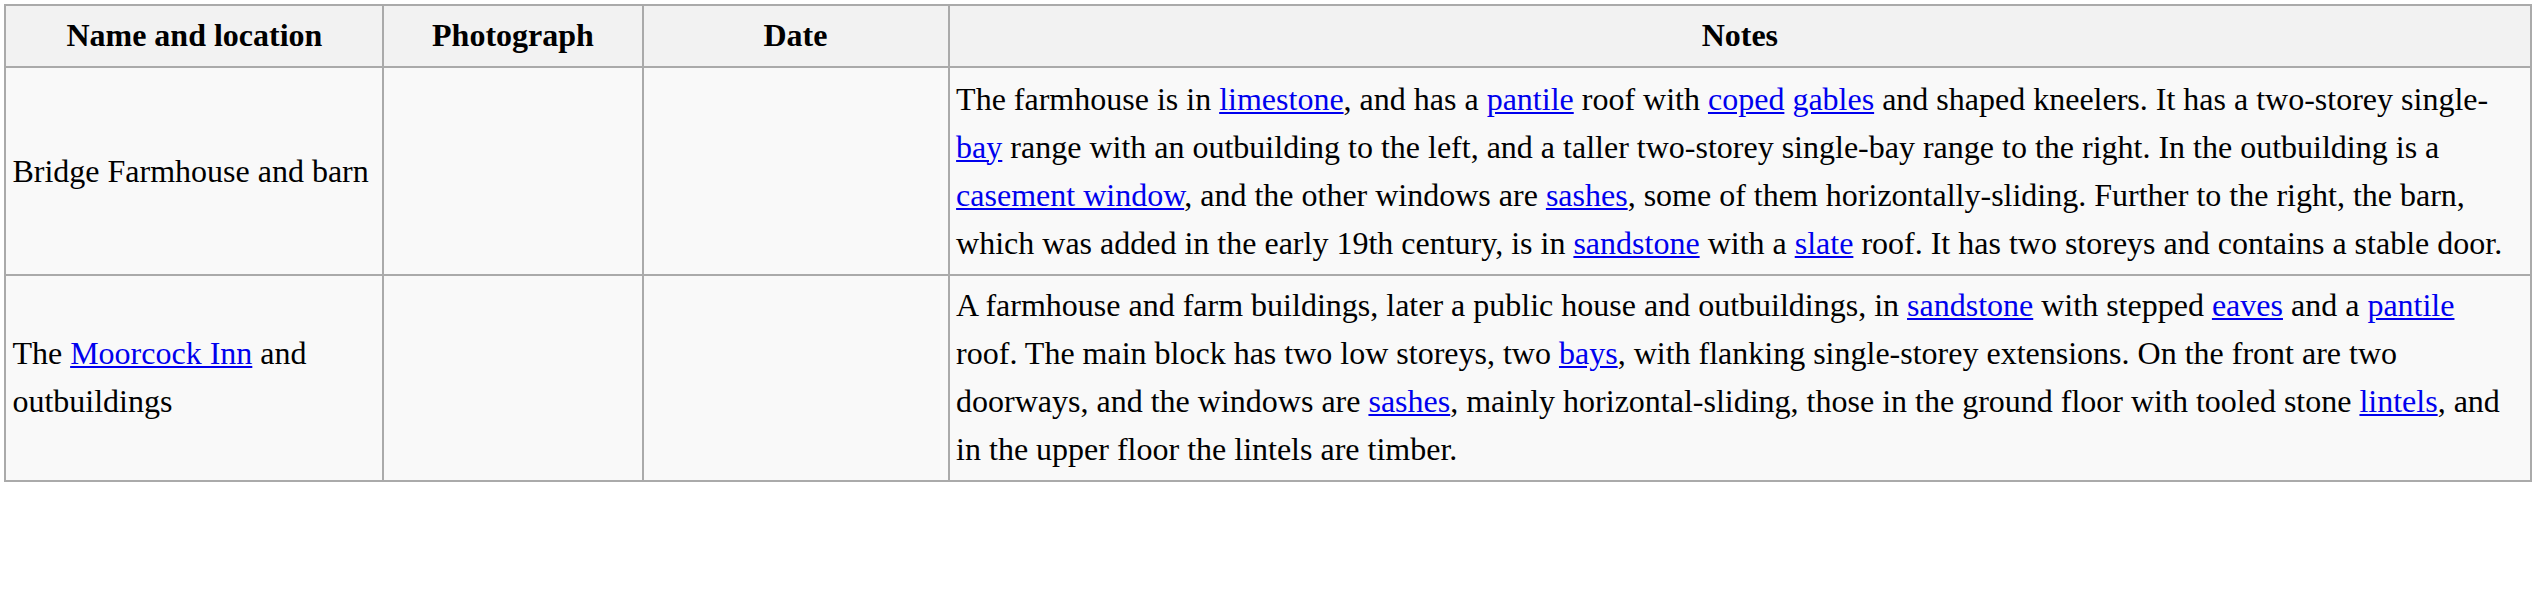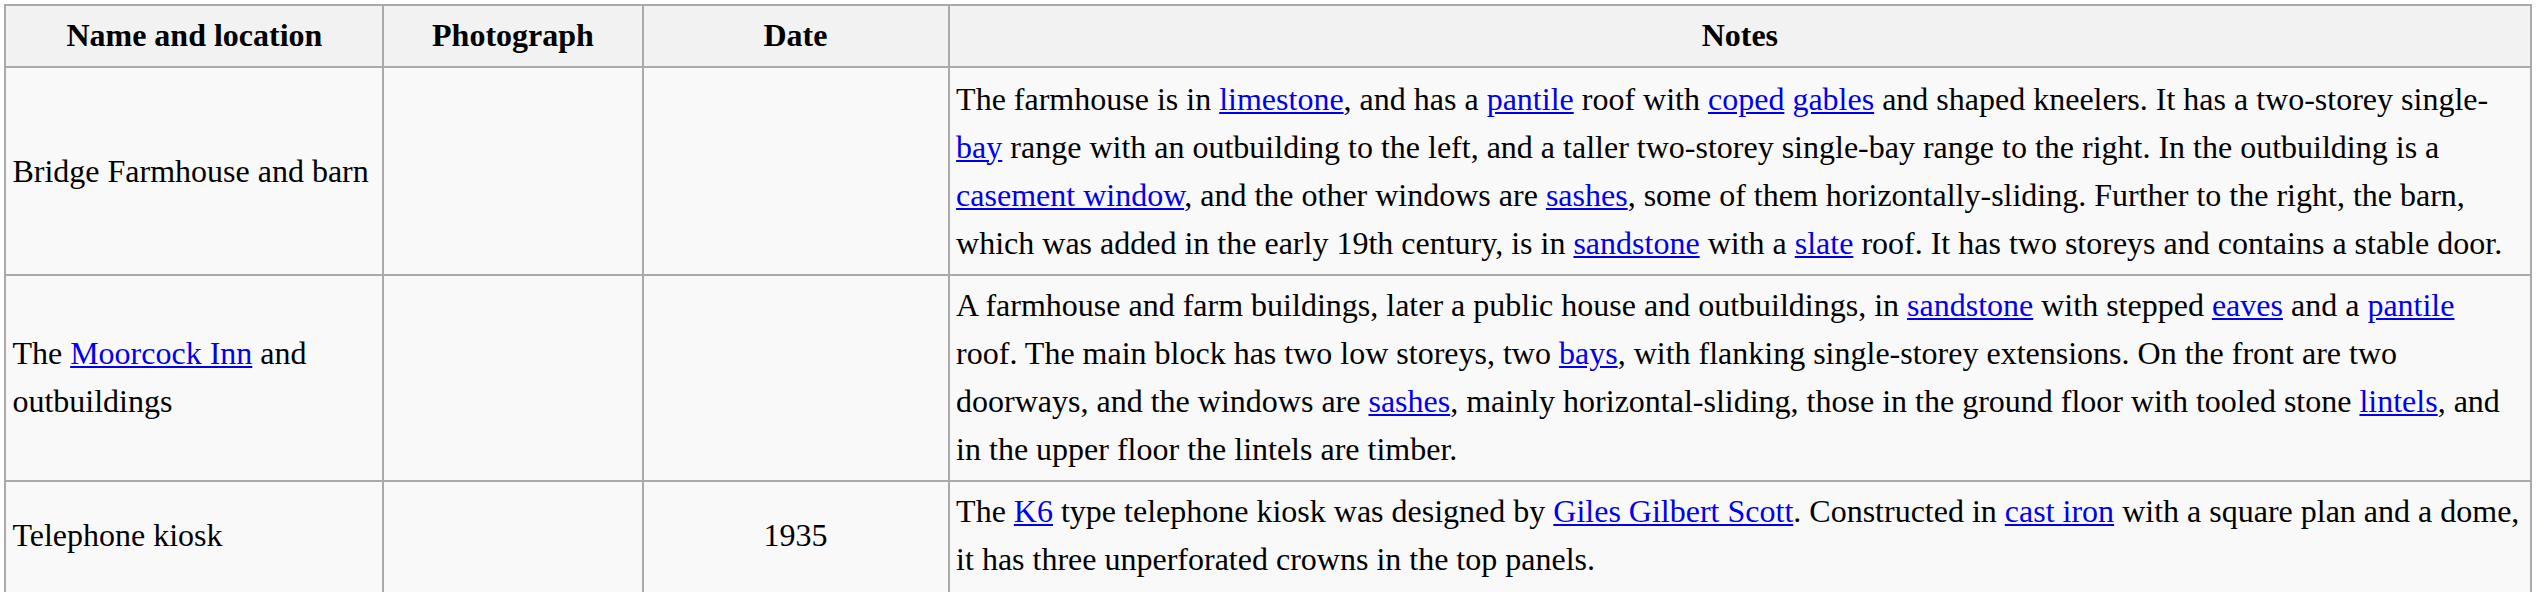 <table class="wikitable sortable plainrowheaders" style="width:100%;border:0px;text-align:left;line-height:150%;">
 <tr>
 <th scope="col"  style="width:150px">Name and location</th>
 <th scope="col"  style="width:100px" class="unsortable">Photograph</th>
 <th scope="col"  style="width:120px">Date</th>
 <th scope="col"  style="width:650px" class="unsortable">Notes</th>
 </tr>
 <tr>
 <td>Bridge Farmhouse and barn<br><small></small></td>
 <td></td>
 <td align="center"></td>
 <td>The farmhouse is in <a href='#'>limestone</a>, and has a <a href='#'>pantile</a> roof with <a href='#'>coped</a> <a href='#'>gables</a> and shaped kneelers.  It has a two-storey single-<a href='#'>bay</a> range with an outbuilding to the left, and a taller two-storey single-bay range to the right.  In the outbuilding is a <a href='#'>casement window</a>, and the other windows are <a href='#'>sashes</a>, some of them horizontally-sliding. Further to the right, the barn, which was added in the early 19th century, is in <a href='#'>sandstone</a> with a <a href='#'>slate</a> roof.  It has two storeys and contains a stable door.</td>
 </tr>
 <tr>
 <td>The <a href='#'>Moorcock Inn</a> and outbuildings<br><small></small></td>
 <td></td>
 <td align="center"></td>
 <td>A farmhouse and farm buildings, later a public house and outbuildings, in <a href='#'>sandstone</a> with stepped <a href='#'>eaves</a> and a <a href='#'>pantile</a> roof.  The main block has two low storeys, two <a href='#'>bays</a>, with flanking single-storey extensions.  On the front are two doorways, and the windows are <a href='#'>sashes</a>, mainly horizontal-sliding, those in the ground floor with tooled stone <a href='#'>lintels</a>, and in the upper floor the lintels are timber.</td>
 </tr>
 <tr>
+<td>Telephone kiosk<br><small></small></td>
+<td></td>
+<td align="center">1935</td>
+<td>The <a href='#'>K6</a> type telephone kiosk was designed by <a href='#'>Giles Gilbert Scott</a>.  Constructed in <a href='#'>cast iron</a> with a square plan and a dome, it has three unperforated crowns in the top panels.</td>
+</tr>
+<tr>
 </tr>
 </table>
